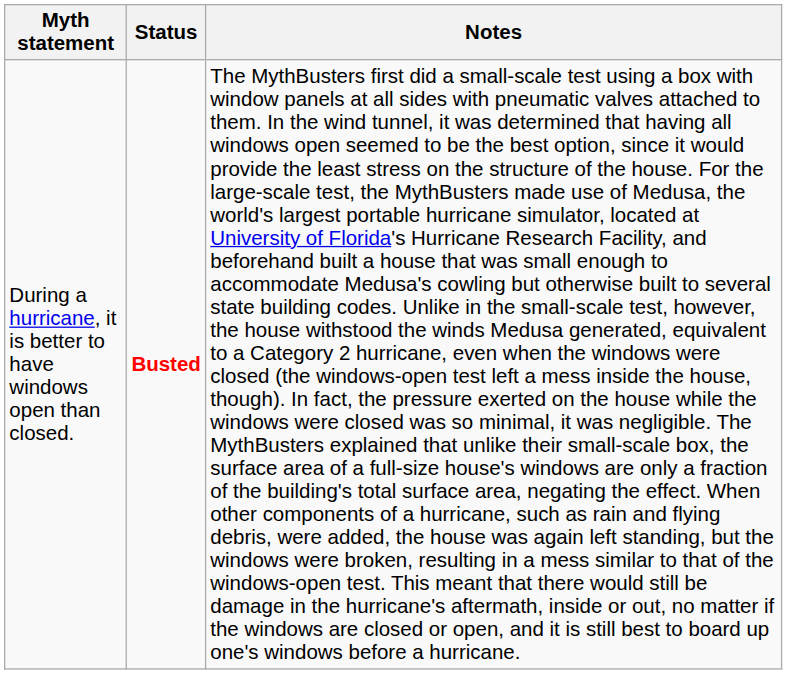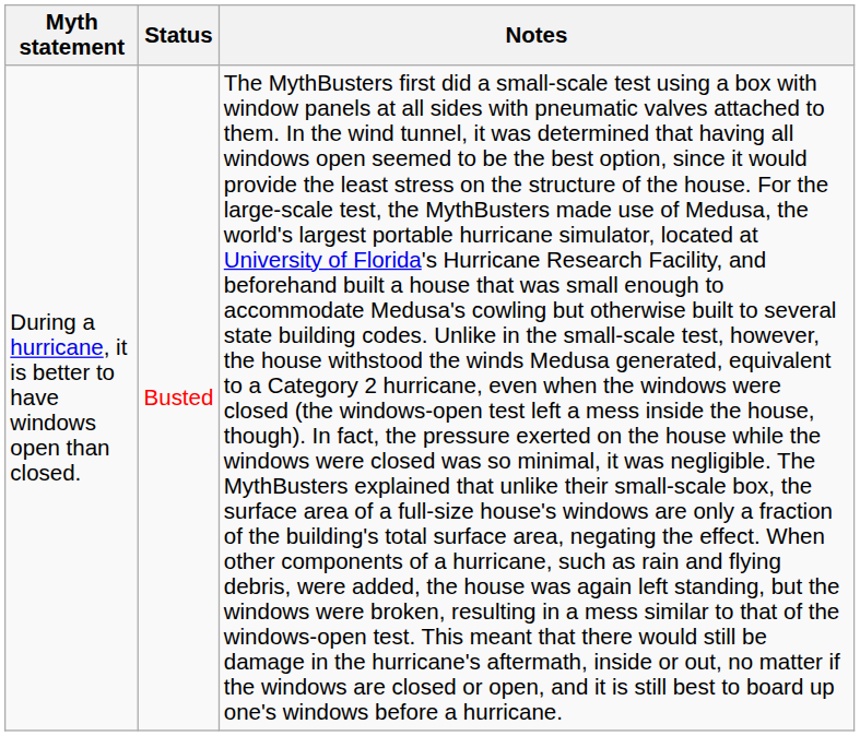 <table class="wikitable plainrowheaders">
 <tr>
 <th>Myth statement</th>
 <th>Status</th>
 <th>Notes</th>
 </tr>
 <tr>
 <td>During a <a href='#'>hurricane</a>, it is better to have windows open than closed.</td>
-<td style="color:Red"><strong>Busted</strong></td>
+<td style="color:Red">Busted</td>
 <td>The MythBusters first did a small-scale test using a box with window panels at all sides with pneumatic valves attached to them. In the wind tunnel, it was determined that having all windows open seemed to be the best option, since it would provide the least stress on the structure of the house. For the large-scale test, the MythBusters made use of Medusa, the world's largest portable hurricane simulator, located at <a href='#'>University of Florida</a>'s Hurricane Research Facility, and beforehand built a house that was small enough to accommodate Medusa's cowling but otherwise built to several state building codes. Unlike in the small-scale test, however, the house withstood the winds Medusa generated, equivalent to a Category 2 hurricane, even when the windows were closed (the windows-open test left a mess inside the house, though). In fact, the pressure exerted on the house while the windows were closed was so minimal, it was negligible. The MythBusters explained that unlike their small-scale box, the surface area of a full-size house's windows are only a fraction of the building's total surface area, negating the effect. When other components of a hurricane, such as rain and flying debris, were added, the house was again left standing, but the windows were broken, resulting in a mess similar to that of the windows-open test. This meant that there would still be damage in the hurricane's aftermath, inside or out, no matter if the windows are closed or open, and it is still best to board up one's windows before a hurricane.</td>
 </tr>
 </table>
